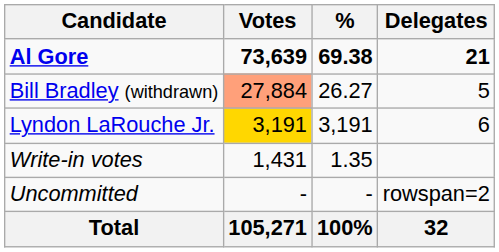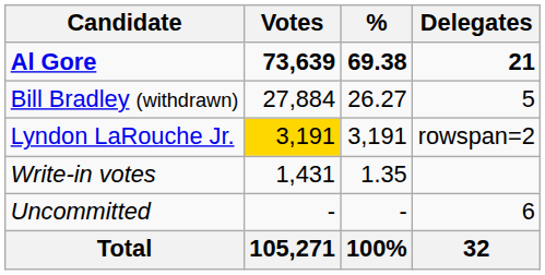 <table class="wikitable sortable" style="text-align:right;">
 <tr>
 <th>Candidate</th>
 <th>Votes</th>
 <th>%</th>
 <th>Delegates</th>
 </tr>
 <tr>
 <td style="text-align:left;" data-sort-value="Gore, Al"><strong><a href='#'>Al Gore</a></strong></td>
 <td><strong>73,639</strong></td>
 <td><strong>69.38</strong></td>
 <td><strong>21</strong></td>
 </tr>
 <tr>
 <td style="text-align:left;" data-sort-value="Bradley, Bill"><a href='#'>Bill Bradley</a> <small>(withdrawn)</small></td>
-<td style="background: lightsalmon;">27,884</td>
+<td>27,884</td>
 <td>26.27</td>
 <td>5</td>
 </tr>
 <tr>
 <td style="text-align:left;" data-sort-value="LaRouche Jr., Lyndon"><a href='#'>Lyndon LaRouche Jr.</a></td>
 <td style="background: gold;">3,191</td>
 <td>3,191</td>
-<td>6</td>
+<td>rowspan=2 </td>
 </tr>
 <tr>
 <td style="text-align:left;" data-sort-value="ZZZ"><em>Write-in votes</em></td>
 <td>1,431</td>
 <td>1.35</td>
 </tr>
 <tr>
 <td style="text-align:left;" data-sort-value="ZZZ"><em>Uncommitted</em></td>
 <td>-</td>
 <td>-</td>
-<td>rowspan=2 </td>
+<td>6</td>
 </tr>
 <tr>
 <th>Total</th>
 <th>105,271</th>
 <th>100%</th>
 <th>32</th>
 </tr>
 </table>
